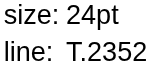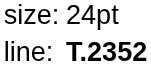 <table style="margin-left:40px;">
 <tr>
 <td>size:</td>
 <td>24pt</td>
 </tr>
 <tr>
 <td>line:</td>
-<td>T.2352</td>
+<td><strong>T.2352</strong></td>
 </tr>
 </table>
